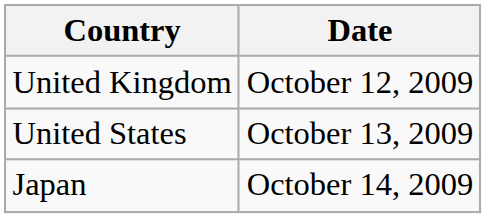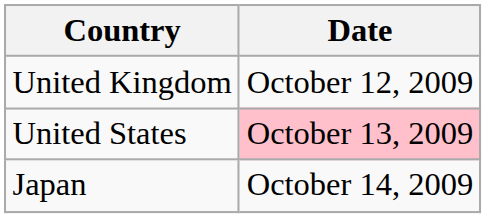 <table class="wikitable">
 <tr>
 <th>Country</th>
 <th>Date</th>
 </tr>
 <tr>
 <td>United Kingdom</td>
 <td>October 12, 2009</td>
 </tr>
 <tr>
 <td>United States</td>
-<td>October 13, 2009</td>
+<td style="background: pink;">October 13, 2009</td>
 </tr>
 <tr>
 <td>Japan</td>
 <td>October 14, 2009</td>
 </tr>
 </table>
